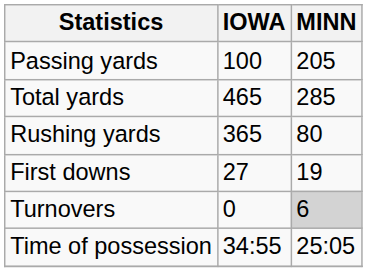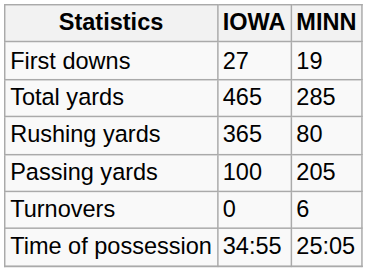 <table class="wikitable">
 <tr>
 <th>Statistics</th>
 <th>IOWA</th>
 <th>MINN</th>
 </tr>
 <tr>
-<td>Passing yards</td>
-<td>100</td>
-<td>205</td>
+<td>First downs</td>
+<td>27</td>
+<td>19</td>
 </tr>
 <tr>
 <td>Total yards</td>
 <td>465</td>
 <td>285</td>
 </tr>
 <tr>
 <td>Rushing yards</td>
 <td>365</td>
 <td>80</td>
 </tr>
 <tr>
-<td>First downs</td>
-<td>27</td>
-<td>19</td>
+<td>Passing yards</td>
+<td>100</td>
+<td>205</td>
 </tr>
 <tr>
 <td>Turnovers</td>
 <td>0</td>
-<td style="background: lightgrey;">6</td>
+<td>6</td>
 </tr>
 <tr>
 <td>Time of possession</td>
 <td>34:55</td>
 <td>25:05</td>
 </tr>
 <tr>
 </tr>
 </table>
